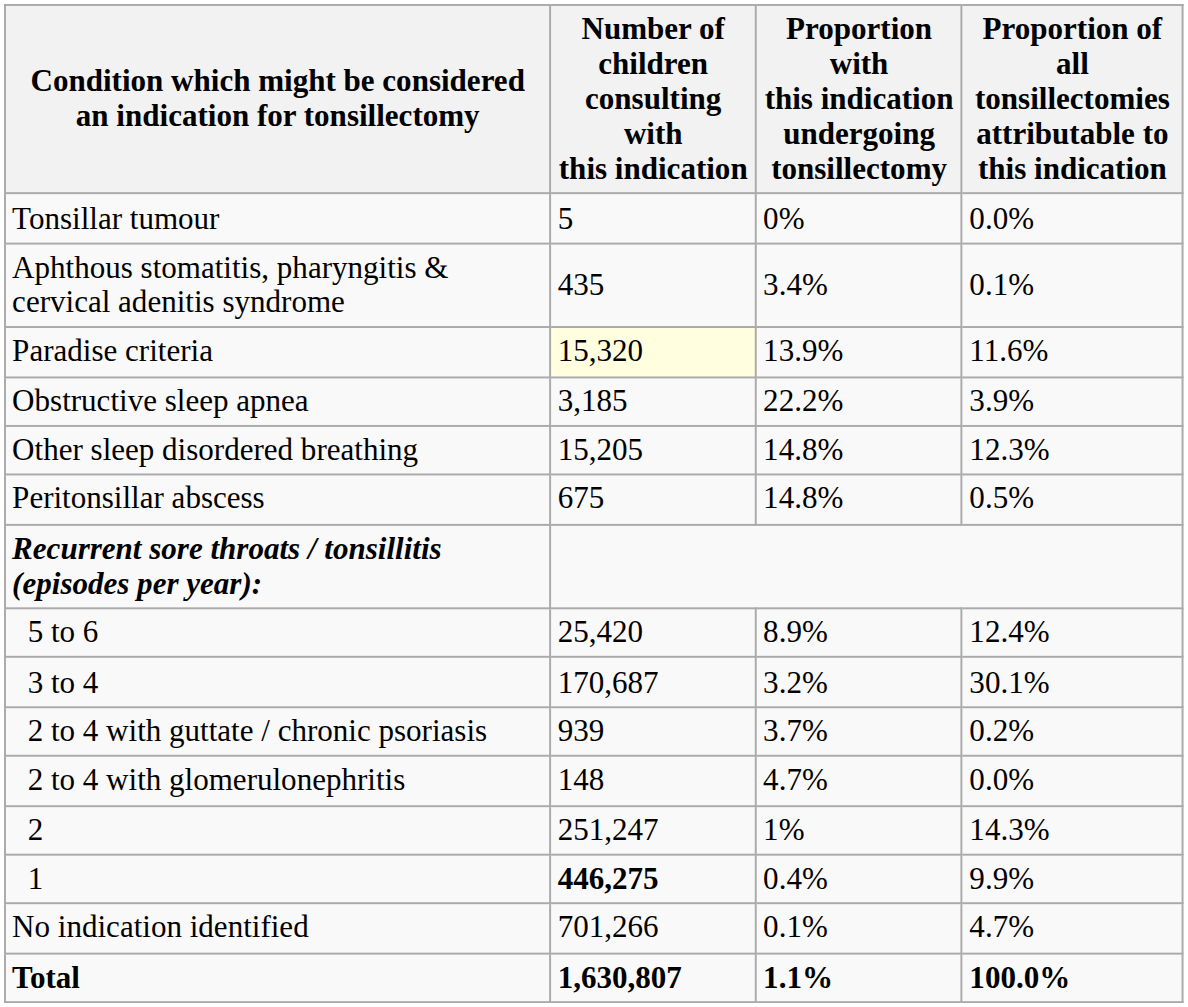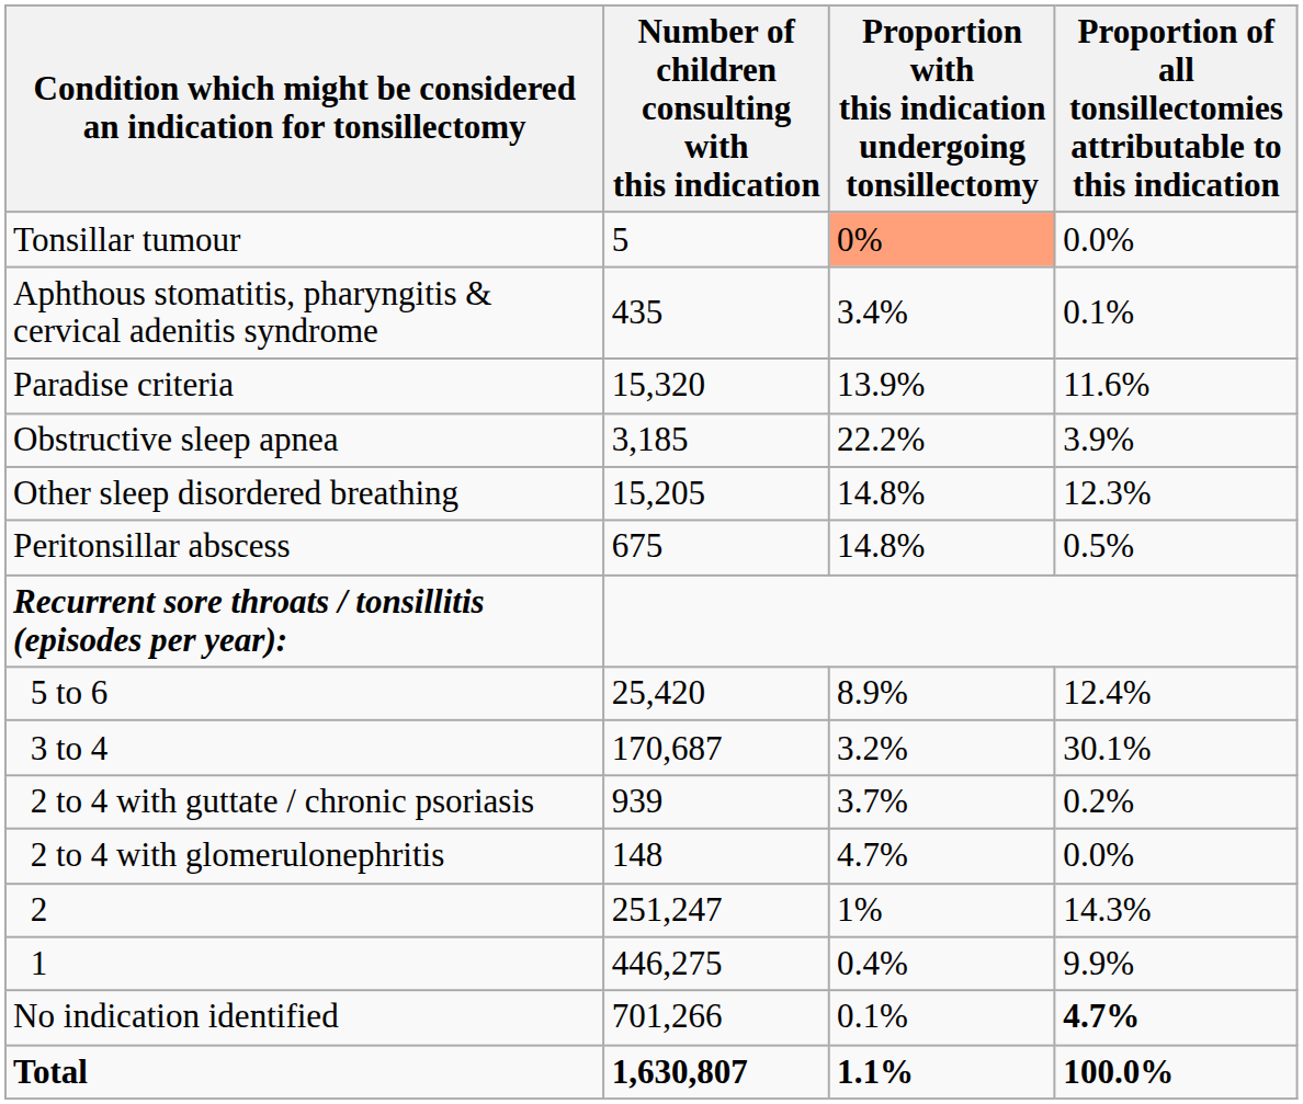 <table class="wikitable">
 <tr>
 <th>Condition which might be considered an indication for tonsillectomy</th>
 <th>Number of children<br>consulting with<br>this indication</th>
 <th>Proportion with<br>this indication<br> undergoing<br> tonsillectomy</th>
 <th>Proportion of all<br>tonsillectomies<br>attributable to<br>this indication</th>
 </tr>
 <tr>
 <td>Tonsillar tumour</td>
 <td>5</td>
-<td>0%</td>
+<td style="background: lightsalmon;">0%</td>
 <td>0.0%</td>
 </tr>
 <tr>
 <td>Aphthous stomatitis, pharyngitis & cervical adenitis syndrome</td>
 <td>435</td>
 <td>3.4%</td>
 <td>0.1%</td>
 </tr>
 <tr>
 <td>Paradise criteria</td>
-<td style="background: lightyellow;">15,320</td>
+<td>15,320</td>
 <td>13.9%</td>
 <td>11.6%</td>
 </tr>
 <tr>
 <td>Obstructive sleep apnea</td>
 <td>3,185</td>
 <td>22.2%</td>
 <td>3.9%</td>
 </tr>
 <tr>
 <td>Other sleep disordered breathing</td>
 <td>15,205</td>
 <td>14.8%</td>
 <td>12.3%</td>
 </tr>
 <tr>
 <td>Peritonsillar abscess</td>
 <td>675</td>
 <td>14.8%</td>
 <td>0.5%</td>
 </tr>
 <tr>
 <td><strong><em>Recurrent sore throats / tonsillitis (episodes per year):</em></strong></td>
 </tr>
 <tr>
 <td>  5 to 6</td>
 <td>25,420</td>
 <td>8.9%</td>
 <td>12.4%</td>
 </tr>
 <tr>
 <td>  3 to 4</td>
 <td>170,687</td>
 <td>3.2%</td>
 <td>30.1%</td>
 </tr>
 <tr>
 <td>  2 to 4 with guttate / chronic psoriasis</td>
 <td>939</td>
 <td>3.7%</td>
 <td>0.2%</td>
 </tr>
 <tr>
 <td>  2 to 4 with glomerulonephritis</td>
 <td>148</td>
 <td>4.7%</td>
 <td>0.0%</td>
 </tr>
 <tr>
 <td>  2</td>
 <td>251,247</td>
 <td>1%</td>
 <td>14.3%</td>
 </tr>
 <tr>
 <td>  1</td>
-<td><strong>446,275</strong></td>
+<td>446,275</td>
 <td>0.4%</td>
 <td>9.9%</td>
 </tr>
 <tr>
 <td>No indication identified</td>
 <td>701,266</td>
 <td>0.1%</td>
-<td>4.7%</td>
+<td><strong>4.7%</strong></td>
 </tr>
 <tr>
 <td><strong>Total</strong></td>
 <td><strong>1,630,807</strong></td>
 <td><strong>1.1%</strong></td>
 <td><strong>100.0%</strong></td>
 </tr>
 </table>
